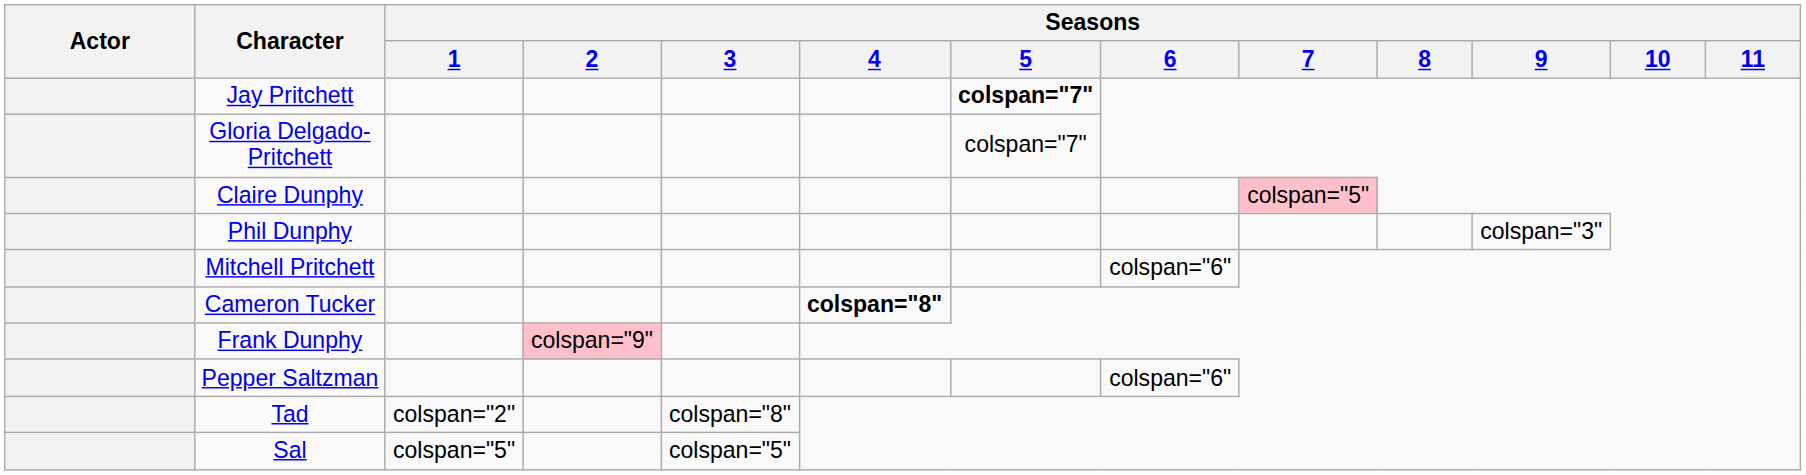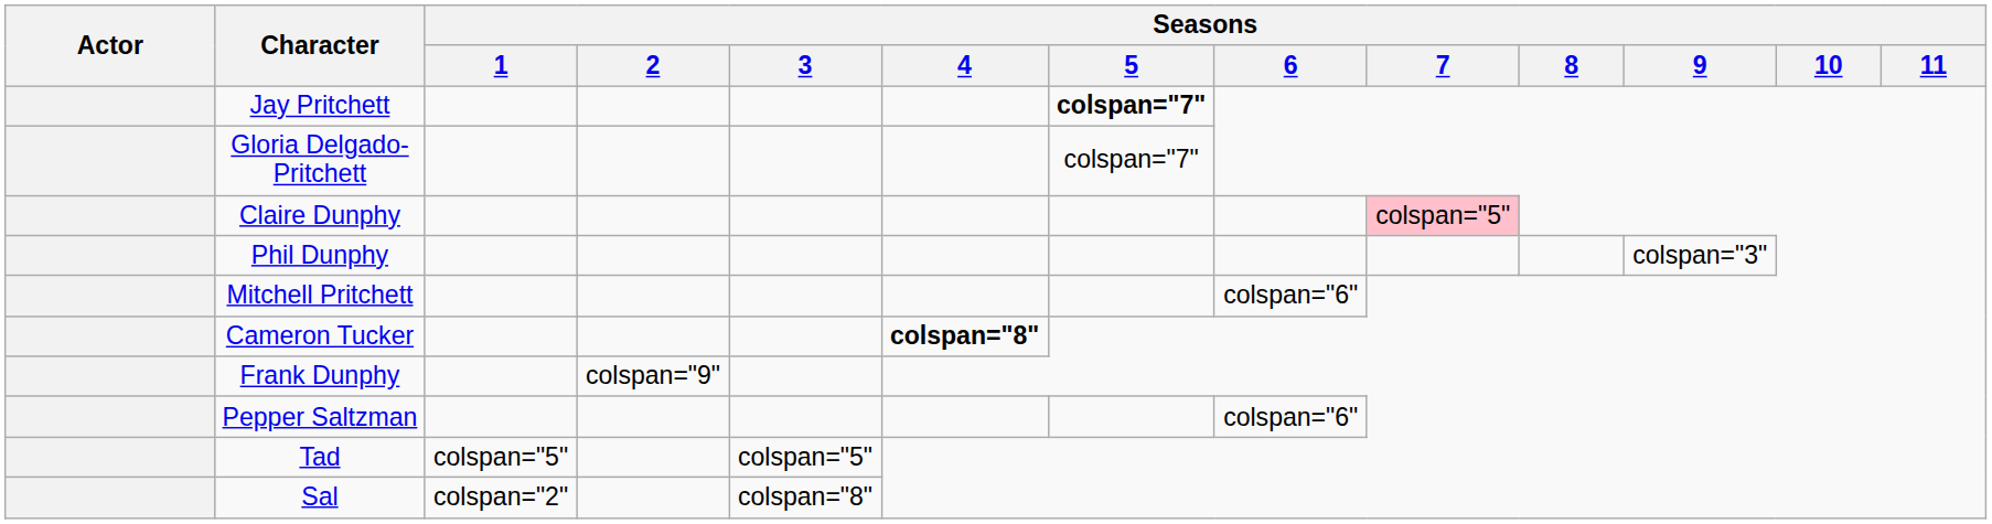 <table class="wikitable sortable plainrowheaders" style="text-align:center" summary="6 wins from 36 nominations">
 <tr>
 <th scope="col" rowspan="2" style="width:10%;">Actor</th>
 <th scope="col" rowspan="2" style="width:10%;">Character</th>
 <th scope="col" colspan="11">Seasons</th>
 </tr>
 <tr>
 <th scope="col" style="width:5%;"><a href='#'>1</a></th>
 <th scope="col" style="width:5%;"><a href='#'>2</a></th>
 <th scope="col" style="width:5%;"><a href='#'>3</a></th>
 <th scope="col" style="width:5%;"><a href='#'>4</a></th>
 <th scope="col" style="width:5%;"><a href='#'>5</a></th>
 <th scope="col" style="width:5%;"><a href='#'>6</a></th>
 <th scope="col" style="width:5%;"><a href='#'>7</a></th>
 <th scope="col" style="width:5%;"><a href='#'>8</a></th>
 <th scope="col" style="width:5%;" class="unsortable"><a href='#'>9</a></th>
 <th scope="col" style="width:5%;" class="unsortable"><a href='#'>10</a></th>
 <th scope="col" style="width:5%;"><a href='#'>11</a></th>
 </tr>
 <tr>
 <th scope="row"></th>
 <td><a href='#'>Jay Pritchett</a></td>
 <td></td>
 <td></td>
 <td></td>
 <td></td>
 <td><strong>colspan="7" </strong></td>
 </tr>
 <tr>
 <th scope="row"></th>
 <td><a href='#'>Gloria Delgado-Pritchett</a></td>
 <td></td>
 <td></td>
 <td></td>
 <td></td>
 <td>colspan="7" </td>
 </tr>
 <tr>
 <th scope="row"></th>
 <td><a href='#'>Claire Dunphy</a></td>
 <td></td>
 <td></td>
 <td></td>
 <td></td>
 <td></td>
 <td></td>
 <td style="background: pink;">colspan="5" </td>
 </tr>
 <tr>
 <th scope="row"></th>
 <td><a href='#'>Phil Dunphy</a></td>
 <td></td>
 <td></td>
 <td></td>
 <td></td>
 <td></td>
 <td></td>
 <td></td>
 <td></td>
 <td>colspan="3" </td>
 </tr>
 <tr>
 <th scope="row"></th>
 <td><a href='#'>Mitchell Pritchett</a></td>
 <td></td>
 <td></td>
 <td></td>
 <td></td>
 <td></td>
 <td>colspan="6" </td>
 </tr>
 <tr>
 <th scope="row"></th>
 <td><a href='#'>Cameron Tucker</a></td>
 <td></td>
 <td></td>
 <td></td>
 <td><strong>colspan="8" </strong></td>
 </tr>
 <tr>
 <th scope="row"></th>
 <td><a href='#'>Frank Dunphy</a></td>
 <td></td>
-<td style="background: pink;">colspan="9" </td>
+<td>colspan="9" </td>
 <td></td>
 </tr>
 <tr>
 <th scope="row"></th>
 <td><a href='#'>Pepper Saltzman</a></td>
 <td></td>
 <td></td>
 <td></td>
 <td></td>
 <td></td>
 <td>colspan="6" </td>
 </tr>
 <tr>
 <th scope="row"></th>
 <td><a href='#'>Tad</a></td>
+<td>colspan="5" </td>
+<td></td>
+<td>colspan="5" </td>
+</tr>
+<tr>
+<th scope="row"></th>
+<td><a href='#'>Sal</a></td>
 <td>colspan="2" </td>
 <td></td>
 <td>colspan="8" </td>
 </tr>
-<tr>
-<th scope="row"></th>
-<td><a href='#'>Sal</a></td>
-<td>colspan="5" </td>
-<td></td>
-<td>colspan="5" </td>
-</tr>
 </table>
